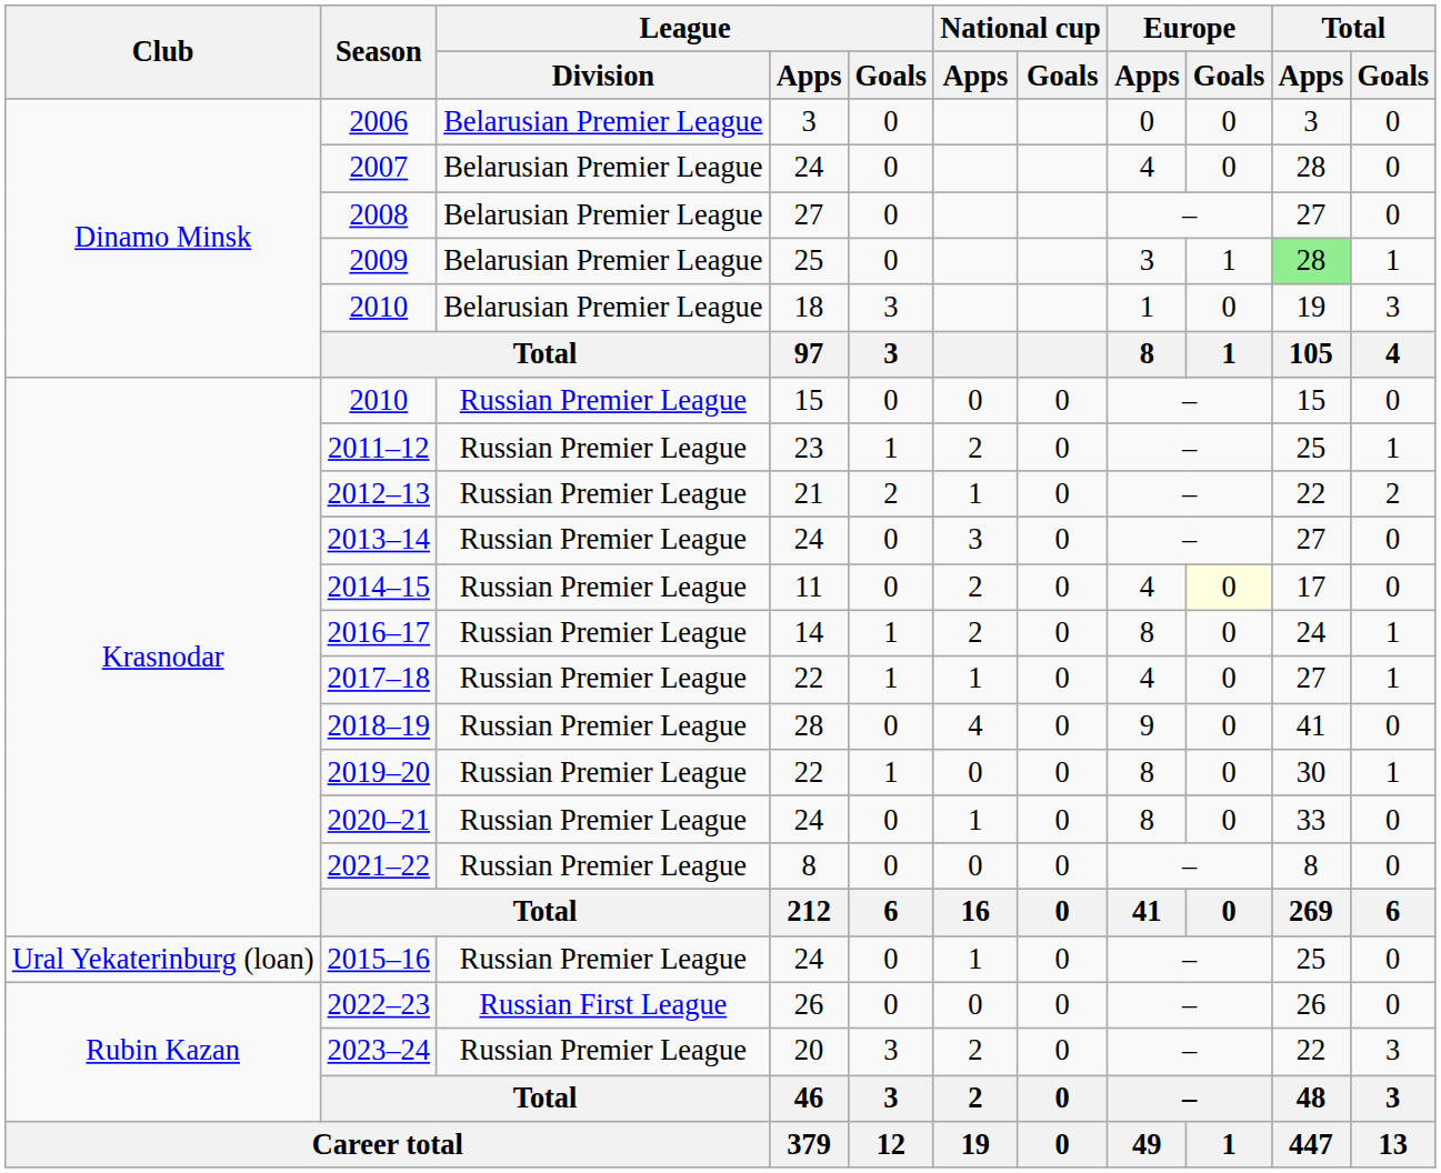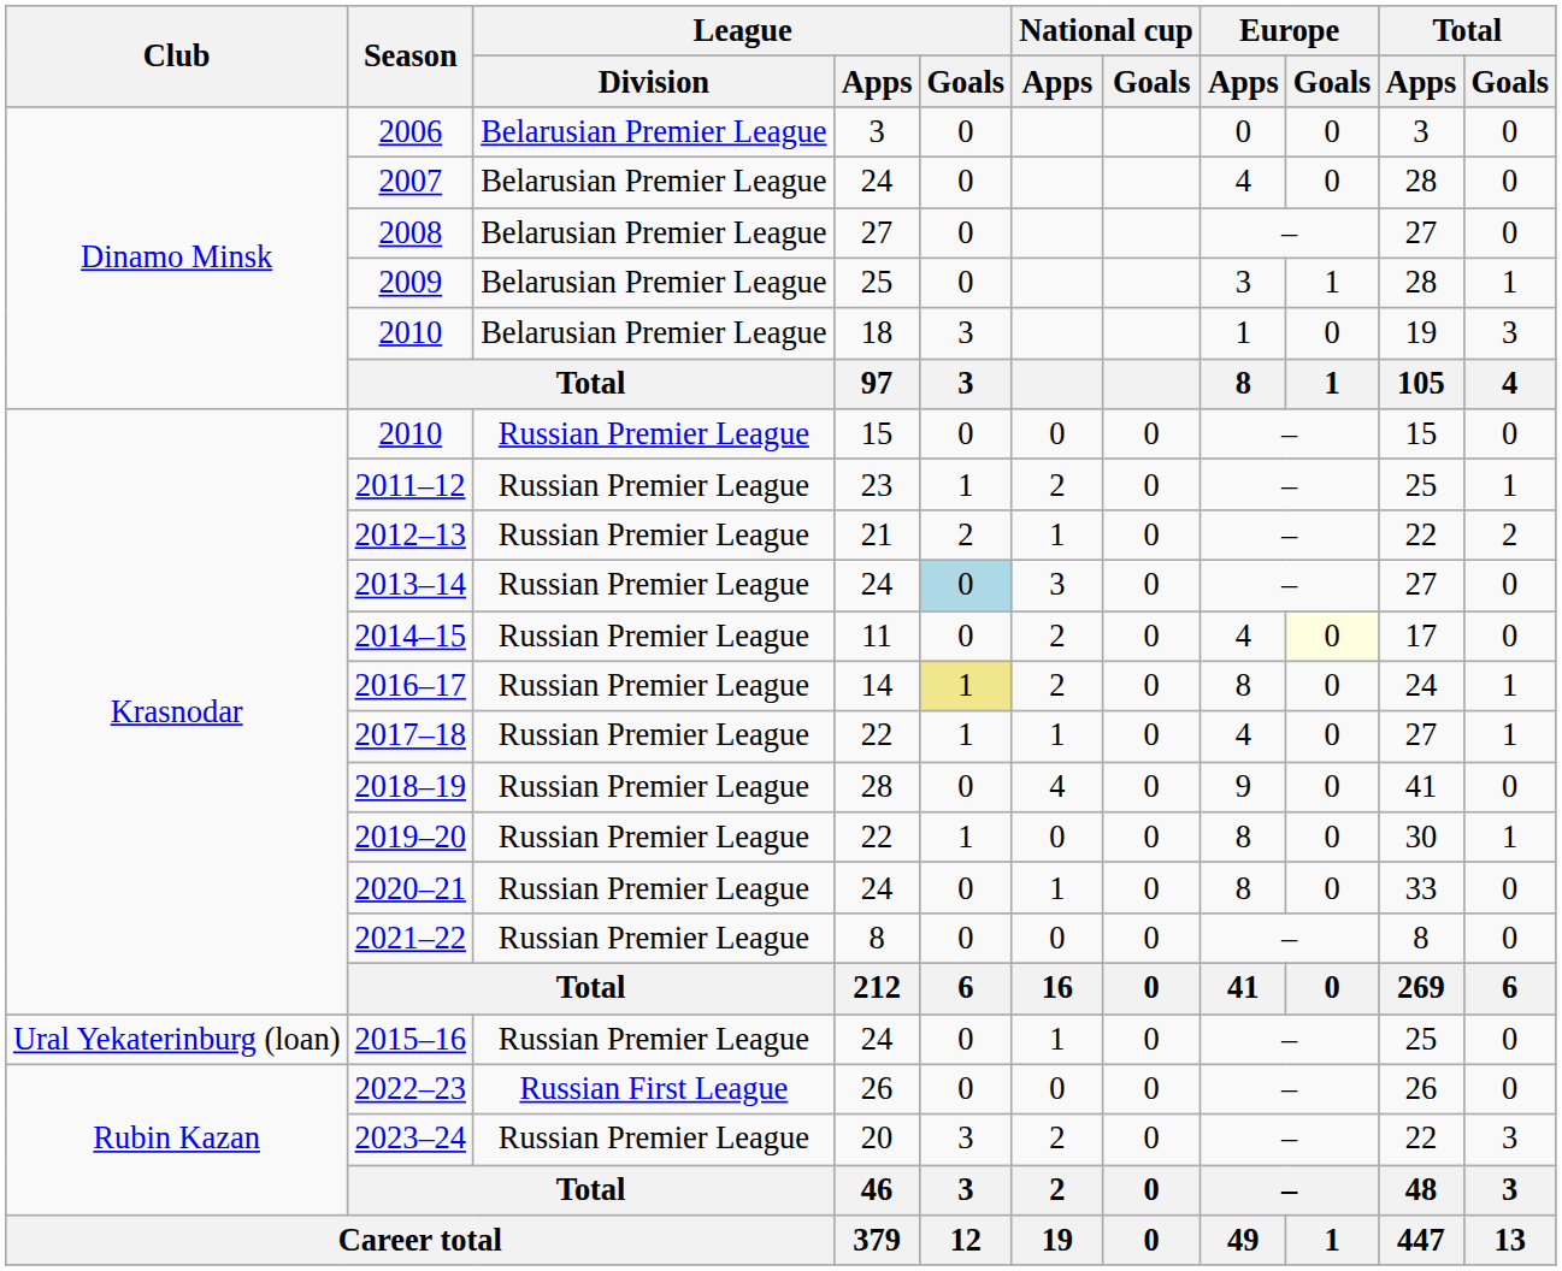 <table class="wikitable" style="text-align: center;">
 <tr>
 <th rowspan="2">Club</th>
 <th rowspan="2">Season</th>
 <th colspan="3">League</th>
 <th colspan="2">National cup</th>
 <th colspan="2">Europe</th>
 <th colspan="2">Total</th>
 </tr>
 <tr>
 <th>Division</th>
 <th>Apps</th>
 <th>Goals</th>
 <th>Apps</th>
 <th>Goals</th>
 <th>Apps</th>
 <th>Goals</th>
 <th>Apps</th>
 <th>Goals</th>
 </tr>
 <tr>
 <td rowspan="6" valign="center"><a href='#'>Dinamo Minsk</a></td>
 <td><a href='#'>2006</a></td>
 <td><a href='#'>Belarusian Premier League</a></td>
 <td>3</td>
 <td>0</td>
 <td></td>
 <td></td>
 <td>0</td>
 <td>0</td>
 <td>3</td>
 <td>0</td>
 </tr>
 <tr>
 <td><a href='#'>2007</a></td>
 <td>Belarusian Premier League</td>
 <td>24</td>
 <td>0</td>
 <td></td>
 <td></td>
 <td>4</td>
 <td>0</td>
 <td>28</td>
 <td>0</td>
 </tr>
 <tr>
 <td><a href='#'>2008</a></td>
 <td>Belarusian Premier League</td>
 <td>27</td>
 <td>0</td>
 <td></td>
 <td></td>
 <td colspan="2">–</td>
 <td>27</td>
 <td>0</td>
 </tr>
 <tr>
 <td><a href='#'>2009</a></td>
 <td>Belarusian Premier League</td>
 <td>25</td>
 <td>0</td>
 <td></td>
 <td></td>
 <td>3</td>
 <td>1</td>
-<td style="background: lightgreen;">28</td>
+<td>28</td>
 <td>1</td>
 </tr>
 <tr>
 <td><a href='#'>2010</a></td>
 <td>Belarusian Premier League</td>
 <td>18</td>
 <td>3</td>
 <td></td>
 <td></td>
 <td>1</td>
 <td>0</td>
 <td>19</td>
 <td>3</td>
 </tr>
 <tr>
 <th colspan="2">Total</th>
 <th>97</th>
 <th>3</th>
 <th></th>
 <th></th>
 <th>8</th>
 <th>1</th>
 <th>105</th>
 <th>4</th>
 </tr>
 <tr>
 <td rowspan="12" valign="center"><a href='#'>Krasnodar</a></td>
 <td><a href='#'>2010</a></td>
 <td><a href='#'>Russian Premier League</a></td>
 <td>15</td>
 <td>0</td>
 <td>0</td>
 <td>0</td>
 <td colspan="2">–</td>
 <td>15</td>
 <td>0</td>
 </tr>
 <tr>
 <td><a href='#'>2011–12</a></td>
 <td>Russian Premier League</td>
 <td>23</td>
 <td>1</td>
 <td>2</td>
 <td>0</td>
 <td colspan="2">–</td>
 <td>25</td>
 <td>1</td>
 </tr>
 <tr>
 <td><a href='#'>2012–13</a></td>
 <td>Russian Premier League</td>
 <td>21</td>
 <td>2</td>
 <td>1</td>
 <td>0</td>
 <td colspan="2">–</td>
 <td>22</td>
 <td>2</td>
 </tr>
 <tr>
 <td><a href='#'>2013–14</a></td>
 <td>Russian Premier League</td>
 <td>24</td>
-<td>0</td>
+<td style="background: lightblue;">0</td>
 <td>3</td>
 <td>0</td>
 <td colspan="2">–</td>
 <td>27</td>
 <td>0</td>
 </tr>
 <tr>
 <td><a href='#'>2014–15</a></td>
 <td>Russian Premier League</td>
 <td>11</td>
 <td>0</td>
 <td>2</td>
 <td>0</td>
 <td>4</td>
 <td style="background: lightyellow;">0</td>
 <td>17</td>
 <td>0</td>
 </tr>
 <tr>
 <td><a href='#'>2016–17</a></td>
 <td>Russian Premier League</td>
 <td>14</td>
-<td>1</td>
+<td style="background: khaki;">1</td>
 <td>2</td>
 <td>0</td>
 <td>8</td>
 <td>0</td>
 <td>24</td>
 <td>1</td>
 </tr>
 <tr>
 <td><a href='#'>2017–18</a></td>
 <td>Russian Premier League</td>
 <td>22</td>
 <td>1</td>
 <td>1</td>
 <td>0</td>
 <td>4</td>
 <td>0</td>
 <td>27</td>
 <td>1</td>
 </tr>
 <tr>
 <td><a href='#'>2018–19</a></td>
 <td>Russian Premier League</td>
 <td>28</td>
 <td>0</td>
 <td>4</td>
 <td>0</td>
 <td>9</td>
 <td>0</td>
 <td>41</td>
 <td>0</td>
 </tr>
 <tr>
 <td><a href='#'>2019–20</a></td>
 <td>Russian Premier League</td>
 <td>22</td>
 <td>1</td>
 <td>0</td>
 <td>0</td>
 <td>8</td>
 <td>0</td>
 <td>30</td>
 <td>1</td>
 </tr>
 <tr>
 <td><a href='#'>2020–21</a></td>
 <td>Russian Premier League</td>
 <td>24</td>
 <td>0</td>
 <td>1</td>
 <td>0</td>
 <td>8</td>
 <td>0</td>
 <td>33</td>
 <td>0</td>
 </tr>
 <tr>
 <td><a href='#'>2021–22</a></td>
 <td>Russian Premier League</td>
 <td>8</td>
 <td>0</td>
 <td>0</td>
 <td>0</td>
 <td colspan="2">–</td>
 <td>8</td>
 <td>0</td>
 </tr>
 <tr>
 <th colspan="2">Total</th>
 <th>212</th>
 <th>6</th>
 <th>16</th>
 <th>0</th>
 <th>41</th>
 <th>0</th>
 <th>269</th>
 <th>6</th>
 </tr>
 <tr>
 <td><a href='#'>Ural Yekaterinburg</a> (loan)</td>
 <td><a href='#'>2015–16</a></td>
 <td>Russian Premier League</td>
 <td>24</td>
 <td>0</td>
 <td>1</td>
 <td>0</td>
 <td colspan="2">–</td>
 <td>25</td>
 <td>0</td>
 </tr>
 <tr>
 <td rowspan="3"><a href='#'>Rubin Kazan</a></td>
 <td><a href='#'>2022–23</a></td>
 <td><a href='#'>Russian First League</a></td>
 <td>26</td>
 <td>0</td>
 <td>0</td>
 <td>0</td>
 <td colspan="2">–</td>
 <td>26</td>
 <td>0</td>
 </tr>
 <tr>
 <td><a href='#'>2023–24</a></td>
 <td>Russian Premier League</td>
 <td>20</td>
 <td>3</td>
 <td>2</td>
 <td>0</td>
 <td colspan="2">–</td>
 <td>22</td>
 <td>3</td>
 </tr>
 <tr>
 <th colspan="2">Total</th>
 <th>46</th>
 <th>3</th>
 <th>2</th>
 <th>0</th>
 <th colspan="2">–</th>
 <th>48</th>
 <th>3</th>
 </tr>
 <tr>
 <th colspan="3">Career total</th>
 <th>379</th>
 <th>12</th>
 <th>19</th>
 <th>0</th>
 <th>49</th>
 <th>1</th>
 <th>447</th>
 <th>13</th>
 </tr>
 </table>
